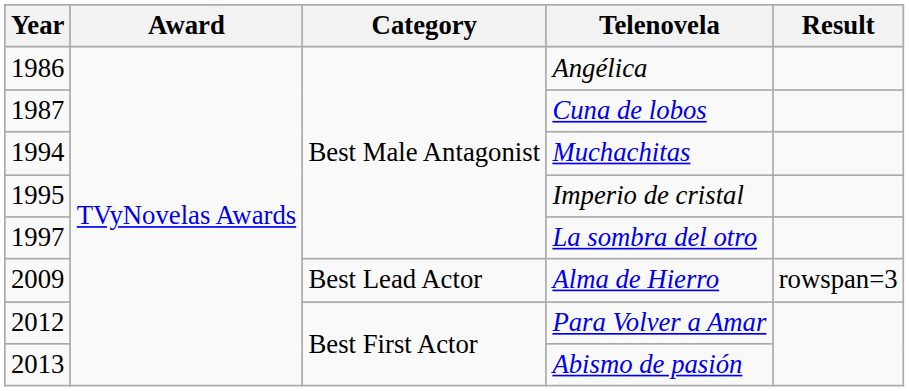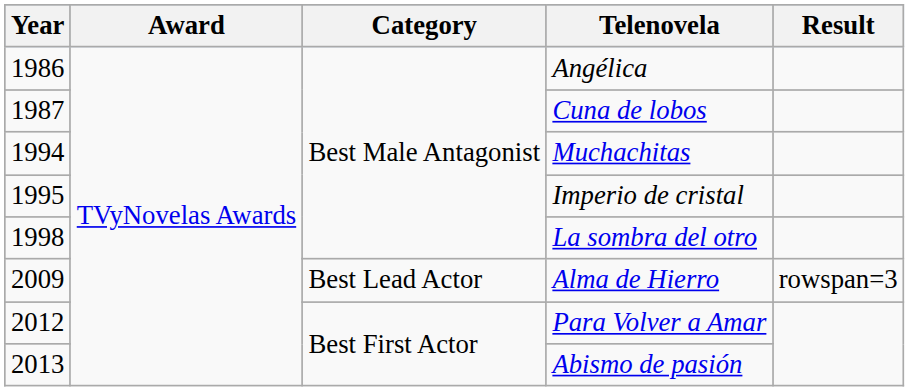 <table class="wikitable">
 <tr style="background:#b0c4de;">
 <th>Year</th>
 <th>Award</th>
 <th>Category</th>
 <th>Telenovela</th>
 <th>Result</th>
 </tr>
 <tr>
 <td>1986</td>
 <td rowspan=8><a href='#'>TVyNovelas Awards</a></td>
 <td rowspan=5>Best Male Antagonist</td>
 <td><em>Angélica</em></td>
 <td></td>
 </tr>
 <tr>
 <td>1987</td>
 <td><em><a href='#'>Cuna de lobos</a></em></td>
 <td></td>
 </tr>
 <tr>
 <td>1994</td>
 <td><em><a href='#'>Muchachitas</a></em></td>
 <td></td>
 </tr>
 <tr>
 <td>1995</td>
 <td><em>Imperio de cristal</em></td>
 <td></td>
 </tr>
 <tr>
-<td>1997</td>
+<td>1998</td>
 <td><em><a href='#'>La sombra del otro</a></em></td>
 <td></td>
 </tr>
 <tr>
 <td>2009</td>
 <td>Best Lead Actor</td>
 <td><em><a href='#'>Alma de Hierro</a></em></td>
 <td>rowspan=3 </td>
 </tr>
 <tr>
 <td>2012</td>
 <td rowspan=2>Best First Actor</td>
 <td><em><a href='#'>Para Volver a Amar</a></em></td>
 </tr>
 <tr>
 <td>2013</td>
 <td><em><a href='#'>Abismo de pasión</a></em></td>
 </tr>
 </table>
